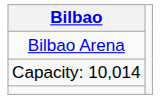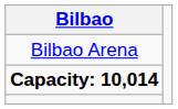 <table class="wikitable" style="text-align:center;margin:1em auto;">
 <tr>
 <th><a href='#'>Bilbao</a></th>
 <td rowspan=4></td>
 </tr>
 <tr>
 <td><a href='#'>Bilbao Arena</a></td>
 </tr>
 <tr>
-<td>Capacity: 10,014</td>
+<td><strong>Capacity: 10,014</strong></td>
 </tr>
 <tr>
 <td></td>
 </tr>
 </table>
